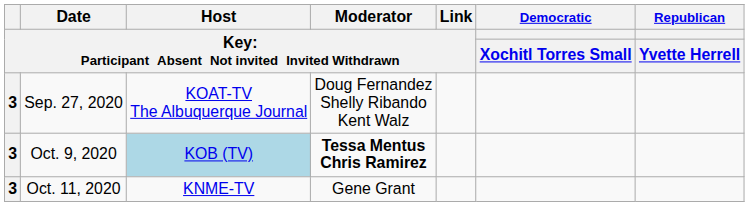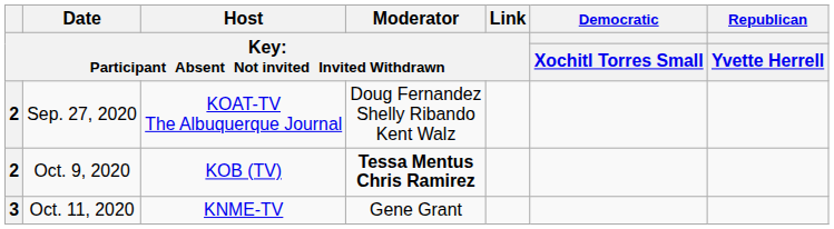 <table class="wikitable" style="text-align:center;">
 <tr>
 <th scope="col"></th>
 <th scope="col">Date</th>
 <th scope="col">Host</th>
 <th scope="col">Moderator</th>
 <th scope="col">Link</th>
 <th scope="col"><small><a href='#'>Democratic</a></small></th>
 <th scope="col"><small><a href='#'>Republican</a></small></th>
 </tr>
 <tr>
 <th colspan="5" rowspan="2">Key:<br> <small>Participant </small>  <small>Absent </small>  <small>Not invited </small>  <small>Invited  Withdrawn</small></th>
 <th scope="col" style="background:"></th>
 <th scope="col" style="background:"></th>
 </tr>
 <tr>
 <th scope="col"><a href='#'>Xochitl Torres Small</a></th>
 <th scope="col"><a href='#'>Yvette Herrell</a></th>
 </tr>
 <tr>
-<th>3</th>
+<th>2</th>
 <td style="white-space:nowrap;">Sep. 27, 2020</td>
 <td style="white-space:nowrap;"><a href='#'>KOAT-TV</a><br><a href='#'>The Albuquerque Journal</a></td>
 <td style="white-space:nowrap;">Doug Fernandez<br>Shelly Ribando<br>Kent Walz</td>
 <td style="white-space:nowrap;"></td>
 <td></td>
 <td></td>
 </tr>
 <tr>
-<th>3</th>
+<th>2</th>
 <td style="white-space:nowrap;">Oct. 9, 2020</td>
-<td style="background: lightblue; white-space:nowrap;"><a href='#'>KOB (TV)</a></td>
+<td style="white-space:nowrap;"><a href='#'>KOB (TV)</a></td>
 <td style="white-space:nowrap;"><strong>Tessa Mentus<br>Chris Ramirez</strong></td>
 <td style="white-space:nowrap;"></td>
 <td></td>
 <td></td>
 </tr>
 <tr>
 <th>3</th>
 <td style="white-space:nowrap;">Oct. 11, 2020</td>
 <td style="white-space:nowrap;"><a href='#'>KNME-TV</a></td>
 <td style="white-space:nowrap;">Gene Grant</td>
 <td style="white-space:nowrap;"></td>
 <td></td>
 <td></td>
 </tr>
 </table>
